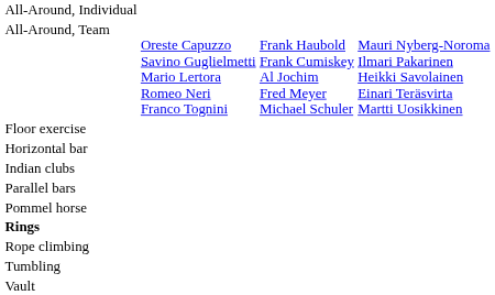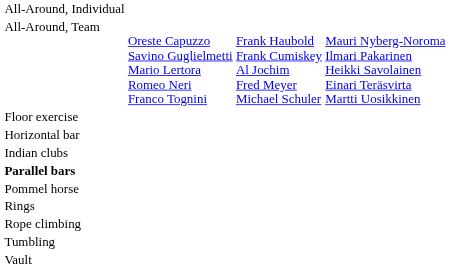 <table>
 <tr valign="top">
 <td>All-Around, Individual<br></td>
 <td></td>
 <td></td>
 <td></td>
 </tr>
 <tr valign="top">
 <td>All-Around, Team<br></td>
 <td><br><a href='#'>Oreste Capuzzo</a><br><a href='#'>Savino Guglielmetti</a><br><a href='#'>Mario Lertora</a><br><a href='#'>Romeo Neri</a><br><a href='#'>Franco Tognini</a></td>
 <td><br><a href='#'>Frank Haubold</a><br><a href='#'>Frank Cumiskey</a><br><a href='#'>Al Jochim</a><br><a href='#'>Fred Meyer</a><br><a href='#'>Michael Schuler</a></td>
 <td><br><a href='#'>Mauri Nyberg-Noroma</a><br><a href='#'>Ilmari Pakarinen</a><br><a href='#'>Heikki Savolainen</a><br><a href='#'>Einari Teräsvirta</a><br><a href='#'>Martti Uosikkinen</a></td>
 </tr>
 <tr>
 <td>Floor exercise<br></td>
 <td></td>
 <td></td>
 <td></td>
 </tr>
 <tr>
 <td>Horizontal bar<br></td>
 <td></td>
 <td></td>
 <td></td>
 </tr>
 <tr>
 <td>Indian clubs<br></td>
 <td></td>
 <td></td>
 <td></td>
 </tr>
 <tr>
-<td>Parallel bars<br></td>
+<td><strong>Parallel bars<br></strong></td>
 <td></td>
 <td></td>
 <td></td>
 </tr>
 <tr>
 <td>Pommel horse<br></td>
 <td></td>
 <td></td>
 <td></td>
 </tr>
 <tr>
-<td><strong>Rings<br></strong></td>
+<td>Rings<br></td>
 <td></td>
 <td></td>
 <td></td>
 </tr>
 <tr>
 <td>Rope climbing<br></td>
 <td></td>
 <td></td>
 <td></td>
 </tr>
 <tr>
 <td>Tumbling<br></td>
 <td></td>
 <td></td>
 <td></td>
 </tr>
 <tr>
 <td>Vault<br></td>
 <td></td>
 <td></td>
 <td></td>
 </tr>
 </table>
